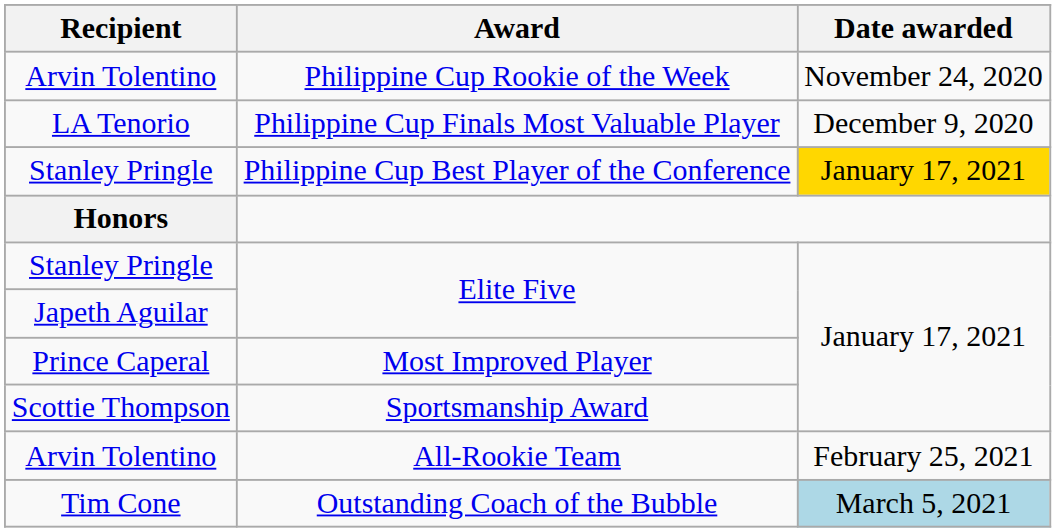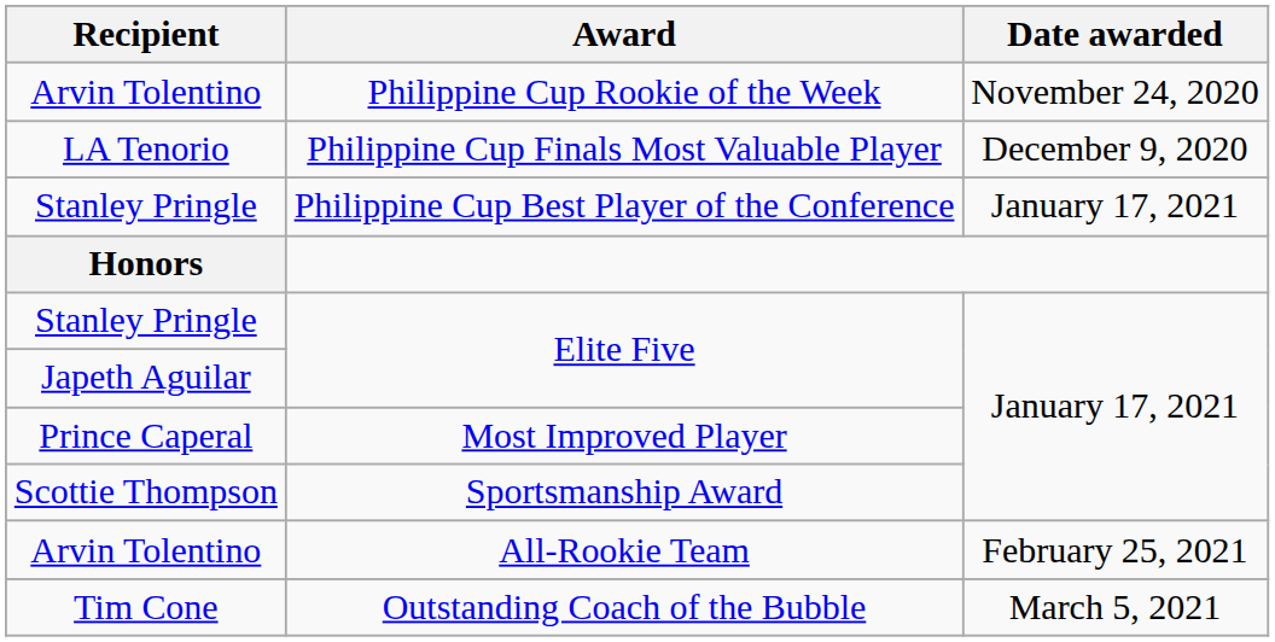 <table class="wikitable sortable sortable" style="text-align: center">
 <tr>
 <th>Recipient</th>
 <th>Award</th>
 <th>Date awarded</th>
 </tr>
 <tr>
 <td><a href='#'>Arvin Tolentino</a></td>
 <td><a href='#'>Philippine Cup Rookie of the Week</a></td>
 <td>November 24, 2020</td>
 </tr>
 <tr>
 <td><a href='#'>LA Tenorio</a></td>
 <td><a href='#'>Philippine Cup Finals Most Valuable Player</a></td>
 <td>December 9, 2020</td>
 </tr>
 <tr>
 <td><a href='#'>Stanley Pringle</a></td>
 <td><a href='#'>Philippine Cup Best Player of the Conference</a></td>
-<td style="background: gold;">January 17, 2021</td>
+<td>January 17, 2021</td>
 </tr>
 <tr>
 <th>Honors</th>
 </tr>
 <tr>
 <td><a href='#'>Stanley Pringle</a></td>
 <td rowspan=2><a href='#'>Elite Five</a></td>
 <td rowspan=4>January 17, 2021</td>
 </tr>
 <tr>
 <td><a href='#'>Japeth Aguilar</a></td>
 </tr>
 <tr>
 <td><a href='#'>Prince Caperal</a></td>
 <td><a href='#'>Most Improved Player</a></td>
 </tr>
 <tr>
 <td><a href='#'>Scottie Thompson</a></td>
 <td><a href='#'>Sportsmanship Award</a></td>
 </tr>
 <tr>
 <td><a href='#'>Arvin Tolentino</a></td>
 <td><a href='#'>All-Rookie Team</a></td>
 <td>February 25, 2021</td>
 </tr>
 <tr>
 <td><a href='#'>Tim Cone</a></td>
 <td><a href='#'>Outstanding Coach of the Bubble</a></td>
-<td style="background: lightblue;">March 5, 2021</td>
+<td>March 5, 2021</td>
 </tr>
 </table>
